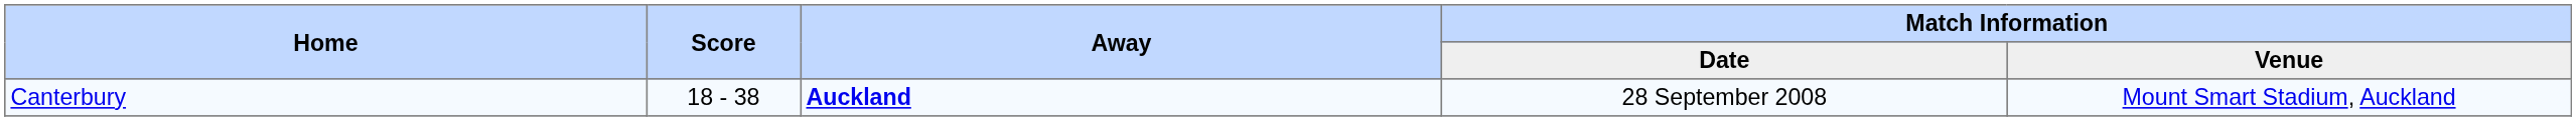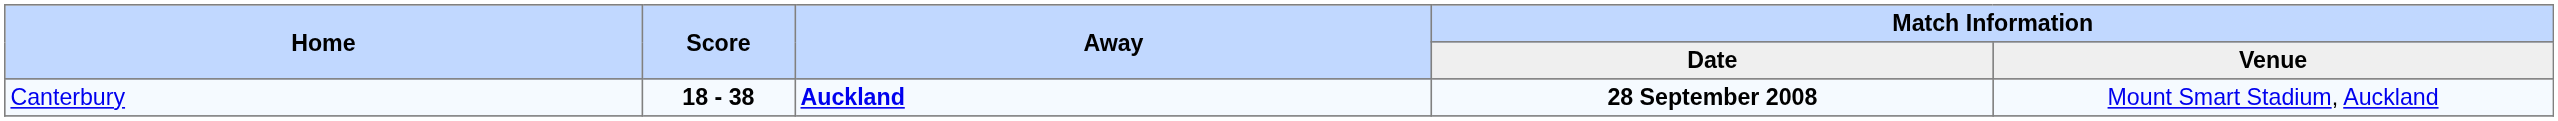 <table border=1 style="border-collapse:collapse; font-size:90%; text-align:center;" cellpadding=3 cellspacing=0 width=100%>
 <tr bgcolor=#C1D8FF>
 <th rowspan=2 width=25%>Home</th>
 <th rowspan=2 width=6%>Score</th>
 <th rowspan=2 width=25%>Away</th>
 <th colspan=6>Match Information</th>
 </tr>
 <tr bgcolor=#EFEFEF>
 <th width=22%>Date</th>
 <th width=22%>Venue</th>
 </tr>
 <tr bgcolor=#F5FAFF>
 <td align=left><a href='#'>Canterbury</a></td>
-<td>18 - 38</td>
+<td><strong>18 - 38</strong></td>
 <td align=left><strong><a href='#'>Auckland</a></strong></td>
-<td>28 September 2008</td>
+<td><strong>28 September 2008</strong></td>
 <td><a href='#'>Mount Smart Stadium</a>, <a href='#'>Auckland</a></td>
 </tr>
 </table>
